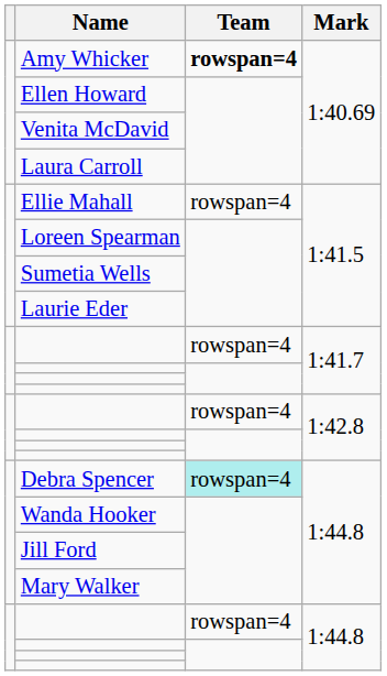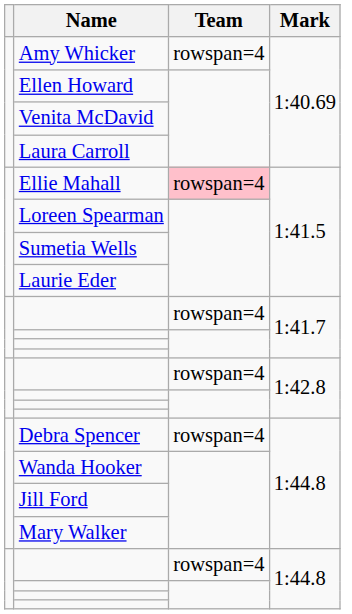 <table class=wikitable>
 <tr>
 <th></th>
 <th>Name</th>
 <th>Team</th>
 <th>Mark</th>
 </tr>
 <tr>
 <td rowspan=4></td>
 <td><a href='#'>Amy Whicker</a></td>
-<td><strong>rowspan=4 </strong></td>
+<td>rowspan=4 </td>
 <td rowspan=4>1:40.69 </td>
 </tr>
 <tr>
 <td><a href='#'>Ellen Howard</a></td>
 </tr>
 <tr>
 <td><a href='#'>Venita McDavid</a></td>
 </tr>
 <tr>
 <td><a href='#'>Laura Carroll</a></td>
 </tr>
 <tr>
 <td rowspan=4></td>
 <td><a href='#'>Ellie Mahall</a></td>
-<td>rowspan=4 </td>
+<td style="background: pink;">rowspan=4 </td>
 <td rowspan=4>1:41.5</td>
 </tr>
 <tr>
 <td><a href='#'>Loreen Spearman</a></td>
 </tr>
 <tr>
 <td><a href='#'>Sumetia Wells</a></td>
 </tr>
 <tr>
 <td><a href='#'>Laurie Eder</a></td>
 </tr>
 <tr>
 <td rowspan=4></td>
 <td></td>
 <td>rowspan=4 </td>
 <td rowspan=4>1:41.7</td>
 </tr>
 <tr>
 <td></td>
 </tr>
 <tr>
 <td></td>
 </tr>
 <tr>
 <td></td>
 </tr>
 <tr>
 <td rowspan=4></td>
 <td></td>
 <td>rowspan=4 </td>
 <td rowspan=4>1:42.8</td>
 </tr>
 <tr>
 <td></td>
 </tr>
 <tr>
 <td></td>
 </tr>
 <tr>
 <td></td>
 </tr>
 <tr>
 <td rowspan=4></td>
 <td><a href='#'>Debra Spencer</a></td>
-<td style="background: paleturquoise;">rowspan=4 </td>
+<td>rowspan=4 </td>
 <td rowspan=4>1:44.8</td>
 </tr>
 <tr>
 <td><a href='#'>Wanda Hooker</a></td>
 </tr>
 <tr>
 <td><a href='#'>Jill Ford</a></td>
 </tr>
 <tr>
 <td><a href='#'>Mary Walker</a></td>
 </tr>
 <tr>
 <td rowspan=4></td>
 <td></td>
 <td>rowspan=4 </td>
 <td rowspan=4>1:44.8</td>
 </tr>
 <tr>
 <td></td>
 </tr>
 <tr>
 <td></td>
 </tr>
 <tr>
 <td></td>
 </tr>
 </table>
